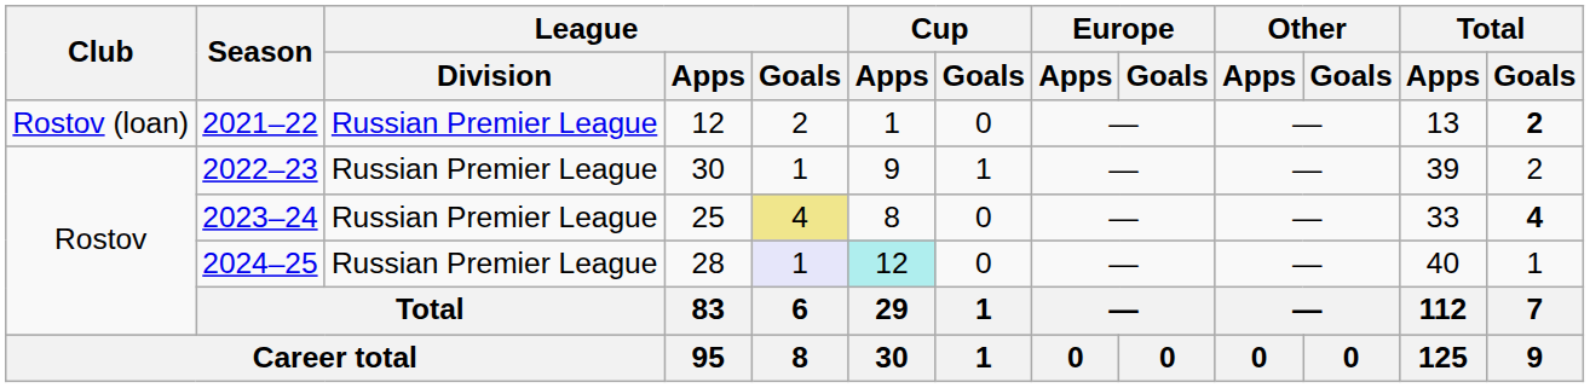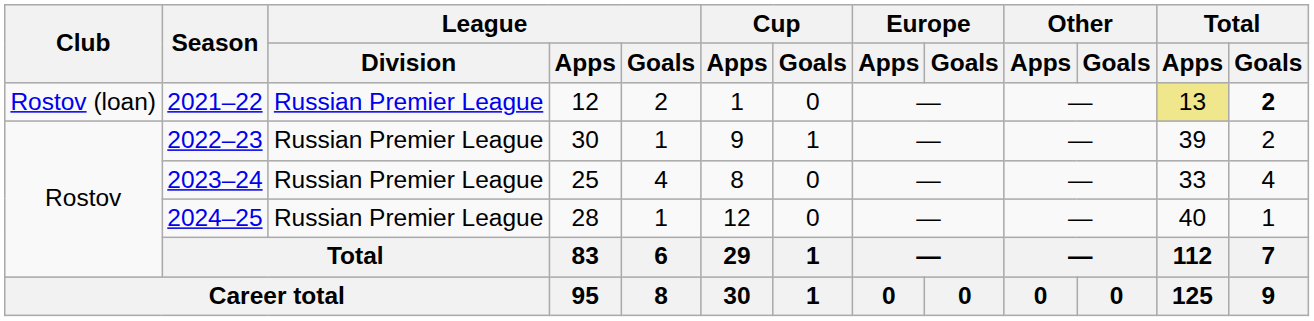 <table class="wikitable" style="text-align: center;">
 <tr>
 <th rowspan="2">Club</th>
 <th rowspan="2">Season</th>
 <th colspan="3">League</th>
 <th colspan="2">Cup</th>
 <th colspan="2">Europe</th>
 <th colspan="2">Other</th>
 <th colspan="2">Total</th>
 </tr>
 <tr>
 <th>Division</th>
 <th>Apps</th>
 <th>Goals</th>
 <th>Apps</th>
 <th>Goals</th>
 <th>Apps</th>
 <th>Goals</th>
 <th>Apps</th>
 <th>Goals</th>
 <th>Apps</th>
 <th>Goals</th>
 </tr>
 <tr>
 <td><a href='#'>Rostov</a> (loan)</td>
 <td><a href='#'>2021–22</a></td>
 <td><a href='#'>Russian Premier League</a></td>
 <td>12</td>
 <td>2</td>
 <td>1</td>
 <td>0</td>
 <td colspan="2">—</td>
 <td colspan="2">—</td>
-<td>13</td>
+<td style="background: khaki;">13</td>
 <td><strong>2</strong></td>
 </tr>
 <tr>
 <td rowspan="4">Rostov</td>
 <td><a href='#'>2022–23</a></td>
 <td>Russian Premier League</td>
 <td>30</td>
 <td>1</td>
 <td>9</td>
 <td>1</td>
 <td colspan="2">—</td>
 <td colspan="2">—</td>
 <td>39</td>
 <td>2</td>
 </tr>
 <tr>
 <td><a href='#'>2023–24</a></td>
 <td>Russian Premier League</td>
 <td>25</td>
-<td style="background: khaki;">4</td>
+<td>4</td>
 <td>8</td>
 <td>0</td>
 <td colspan="2">—</td>
 <td colspan="2">—</td>
 <td>33</td>
-<td><strong>4</strong></td>
+<td>4</td>
 </tr>
 <tr>
 <td><a href='#'>2024–25</a></td>
 <td>Russian Premier League</td>
 <td>28</td>
-<td style="background: lavender;">1</td>
-<td style="background: paleturquoise;">12</td>
+<td>1</td>
+<td>12</td>
 <td>0</td>
 <td colspan="2">—</td>
 <td colspan="2">—</td>
 <td>40</td>
 <td>1</td>
 </tr>
 <tr>
 <th colspan="2">Total</th>
 <th>83</th>
 <th>6</th>
 <th>29</th>
 <th>1</th>
 <th colspan="2">—</th>
 <th colspan="2">—</th>
 <th>112</th>
 <th>7</th>
 </tr>
 <tr>
 <th colspan="3">Career total</th>
 <th>95</th>
 <th>8</th>
 <th>30</th>
 <th>1</th>
 <th>0</th>
 <th>0</th>
 <th>0</th>
 <th>0</th>
 <th>125</th>
 <th>9</th>
 </tr>
 </table>
